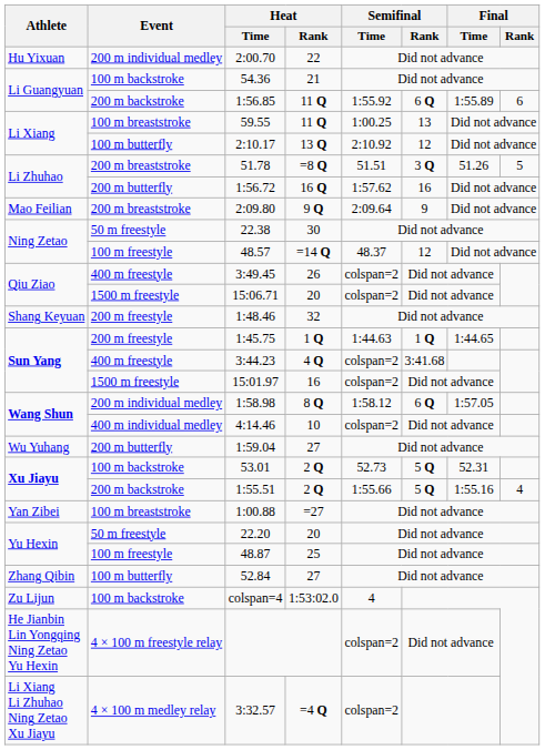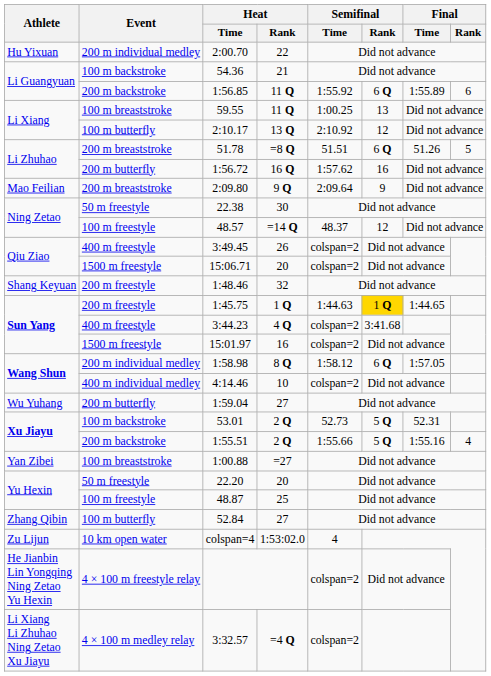 <table class=wikitable style="font-size:90%">
 <tr>
 <th rowspan="2">Athlete</th>
 <th rowspan="2">Event</th>
 <th colspan="2">Heat</th>
 <th colspan="2">Semifinal</th>
 <th colspan="2">Final</th>
 </tr>
 <tr style="font-size:95%">
 <th>Time</th>
 <th>Rank</th>
 <th>Time</th>
 <th>Rank</th>
 <th>Time</th>
 <th>Rank</th>
 </tr>
 <tr align=center>
 <td align=left><a href='#'>Hu Yixuan</a></td>
 <td align=left><a href='#'>200 m individual medley</a></td>
 <td>2:00.70</td>
 <td>22</td>
 <td colspan=4>Did not advance</td>
 </tr>
 <tr align=center>
 <td align=left rowspan=2><a href='#'>Li Guangyuan</a></td>
 <td align=left><a href='#'>100 m backstroke</a></td>
 <td>54.36</td>
 <td>21</td>
 <td colspan=4>Did not advance</td>
 </tr>
 <tr align=center>
 <td align=left><a href='#'>200 m backstroke</a></td>
 <td>1:56.85</td>
 <td>11 <strong>Q</strong></td>
 <td>1:55.92</td>
 <td>6 <strong>Q</strong></td>
 <td>1:55.89</td>
 <td>6</td>
 </tr>
 <tr align=center>
 <td align=left rowspan=2><a href='#'>Li Xiang</a></td>
 <td align=left><a href='#'>100 m breaststroke</a></td>
 <td>59.55</td>
 <td>11 <strong>Q</strong></td>
 <td>1:00.25</td>
 <td>13</td>
 <td colspan=2>Did not advance</td>
 </tr>
 <tr align=center>
 <td align=left><a href='#'>100 m butterfly</a></td>
 <td>2:10.17</td>
 <td>13 <strong>Q</strong></td>
 <td>2:10.92</td>
 <td>12</td>
 <td colspan=2>Did not advance</td>
 </tr>
 <tr align=center>
 <td align=left rowspan=2><a href='#'>Li Zhuhao</a></td>
 <td align=left><a href='#'>200 m breaststroke</a></td>
 <td>51.78</td>
 <td>=8 <strong>Q</strong></td>
 <td>51.51</td>
-<td>3 <strong>Q</strong></td>
+<td>6 <strong>Q</strong></td>
 <td>51.26</td>
 <td>5</td>
 </tr>
 <tr align=center>
 <td align=left><a href='#'>200 m butterfly</a></td>
 <td>1:56.72</td>
 <td>16 <strong>Q</strong></td>
 <td>1:57.62</td>
 <td>16</td>
 <td colspan=2>Did not advance</td>
 </tr>
 <tr align=center>
 <td align=left><a href='#'>Mao Feilian</a></td>
 <td align=left><a href='#'>200 m breaststroke</a></td>
 <td>2:09.80</td>
 <td>9 <strong>Q</strong></td>
 <td>2:09.64</td>
 <td>9</td>
 <td colspan=2>Did not advance</td>
 </tr>
 <tr align=center>
 <td align=left rowspan=2><a href='#'>Ning Zetao</a></td>
 <td align=left><a href='#'>50 m freestyle</a></td>
 <td>22.38</td>
 <td>30</td>
 <td colspan=4>Did not advance</td>
 </tr>
 <tr align=center>
 <td align=left><a href='#'>100 m freestyle</a></td>
 <td>48.57</td>
 <td>=14 <strong>Q</strong></td>
 <td>48.37</td>
 <td>12</td>
 <td colspan=2>Did not advance</td>
 </tr>
 <tr align=center>
 <td align=left rowspan=2><a href='#'>Qiu Ziao</a></td>
 <td align=left><a href='#'>400 m freestyle</a></td>
 <td>3:49.45</td>
 <td>26</td>
 <td>colspan=2 </td>
 <td colspan=2>Did not advance</td>
 </tr>
 <tr align=center>
 <td align=left><a href='#'>1500 m freestyle</a></td>
 <td>15:06.71</td>
 <td>20</td>
 <td>colspan=2 </td>
 <td colspan=2>Did not advance</td>
 </tr>
 <tr align=center>
 <td align=left><a href='#'>Shang Keyuan</a></td>
 <td align=left><a href='#'>200 m freestyle</a></td>
 <td>1:48.46</td>
 <td>32</td>
 <td colspan=4>Did not advance</td>
 </tr>
 <tr align=center>
 <td align=left rowspan=3><strong><a href='#'>Sun Yang</a></strong></td>
 <td align=left><a href='#'>200 m freestyle</a></td>
 <td>1:45.75</td>
 <td>1 <strong>Q</strong></td>
 <td>1:44.63</td>
-<td>1 <strong>Q</strong></td>
+<td style="background: gold;">1 <strong>Q</strong></td>
 <td>1:44.65</td>
 <td></td>
 </tr>
 <tr align=center>
 <td align=left><a href='#'>400 m freestyle</a></td>
 <td>3:44.23</td>
 <td>4 <strong>Q</strong></td>
 <td>colspan=2 </td>
 <td>3:41.68</td>
 <td></td>
 </tr>
 <tr align=center>
 <td align=left><a href='#'>1500 m freestyle</a></td>
 <td>15:01.97</td>
 <td>16</td>
 <td>colspan=2 </td>
 <td colspan=2>Did not advance</td>
 </tr>
 <tr align=center>
 <td align=left rowspan=2><strong><a href='#'>Wang Shun</a></strong></td>
 <td align=left><a href='#'>200 m individual medley</a></td>
 <td>1:58.98</td>
 <td>8 <strong>Q</strong></td>
 <td>1:58.12</td>
 <td>6 <strong>Q</strong></td>
 <td>1:57.05</td>
 <td></td>
 </tr>
 <tr align=center>
 <td align=left><a href='#'>400 m individual medley</a></td>
 <td>4:14.46</td>
 <td>10</td>
 <td>colspan=2 </td>
 <td colspan=2>Did not advance</td>
 </tr>
 <tr align=center>
 <td align=left><a href='#'>Wu Yuhang</a></td>
 <td align=left><a href='#'>200 m butterfly</a></td>
 <td>1:59.04</td>
 <td>27</td>
 <td colspan=4>Did not advance</td>
 </tr>
 <tr align=center>
 <td align=left rowspan=2><strong><a href='#'>Xu Jiayu</a></strong></td>
 <td align=left><a href='#'>100 m backstroke</a></td>
 <td>53.01</td>
 <td>2 <strong>Q</strong></td>
 <td>52.73</td>
 <td>5 <strong>Q</strong></td>
 <td>52.31</td>
 <td></td>
 </tr>
 <tr align=center>
 <td align=left><a href='#'>200 m backstroke</a></td>
 <td>1:55.51</td>
 <td>2 <strong>Q</strong></td>
 <td>1:55.66</td>
 <td>5 <strong>Q</strong></td>
 <td>1:55.16</td>
 <td>4</td>
 </tr>
 <tr align=center>
 <td align=left><a href='#'>Yan Zibei</a></td>
 <td align=left><a href='#'>100 m breaststroke</a></td>
 <td>1:00.88</td>
 <td>=27</td>
 <td colspan=4>Did not advance</td>
 </tr>
 <tr align=center>
 <td align=left rowspan=2><a href='#'>Yu Hexin</a></td>
 <td align=left><a href='#'>50 m freestyle</a></td>
 <td>22.20</td>
 <td>20</td>
 <td colspan=4>Did not advance</td>
 </tr>
 <tr align=center>
 <td align=left><a href='#'>100 m freestyle</a></td>
 <td>48.87</td>
 <td>25</td>
 <td colspan=4>Did not advance</td>
 </tr>
 <tr align=center>
 <td align=left><a href='#'>Zhang Qibin</a></td>
 <td align=left><a href='#'>100 m butterfly</a></td>
 <td>52.84</td>
 <td>27</td>
 <td colspan=4>Did not advance</td>
 </tr>
 <tr align=center>
 <td align=left><a href='#'>Zu Lijun</a></td>
-<td align=left><a href='#'>100 m backstroke</a></td>
+<td align=left><a href='#'>10 km open water</a></td>
 <td>colspan=4 </td>
 <td>1:53:02.0</td>
 <td>4</td>
 </tr>
 <tr align=center>
 <td align=left><a href='#'>He Jianbin</a><br><a href='#'>Lin Yongqing</a><br><a href='#'>Ning Zetao</a><br><a href='#'>Yu Hexin</a></td>
 <td align=left><a href='#'>4 × 100 m freestyle relay</a></td>
 <td colspan=2></td>
 <td>colspan=2 </td>
 <td colspan=2>Did not advance</td>
 </tr>
 <tr align=center>
 <td align=left><a href='#'>Li Xiang</a><br><a href='#'>Li Zhuhao</a><br><a href='#'>Ning Zetao</a><br><a href='#'>Xu Jiayu</a></td>
 <td align=left><a href='#'>4 × 100 m medley relay</a></td>
 <td>3:32.57</td>
 <td>=4 <strong>Q</strong></td>
 <td>colspan=2 </td>
 <td colspan=2></td>
 </tr>
 </table>
